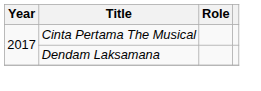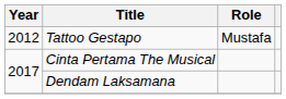 <table class="wikitable">
 <tr>
 <th>Year</th>
 <th>Title</th>
 <th>Role</th>
 <th></th>
+</tr>
+<tr>
+<td>2012</td>
+<td><em>Tattoo Gestapo</em></td>
+<td>Mustafa</td>
+<td></td>
 </tr>
 <tr>
 <td rowspan="2">2017</td>
 <td><em>Cinta Pertama The Musical</em></td>
 <td></td>
 <td></td>
 </tr>
 <tr>
 <td><em>Dendam Laksamana</em></td>
 <td></td>
 <td></td>
 </tr>
 <tr>
 </tr>
 </table>
